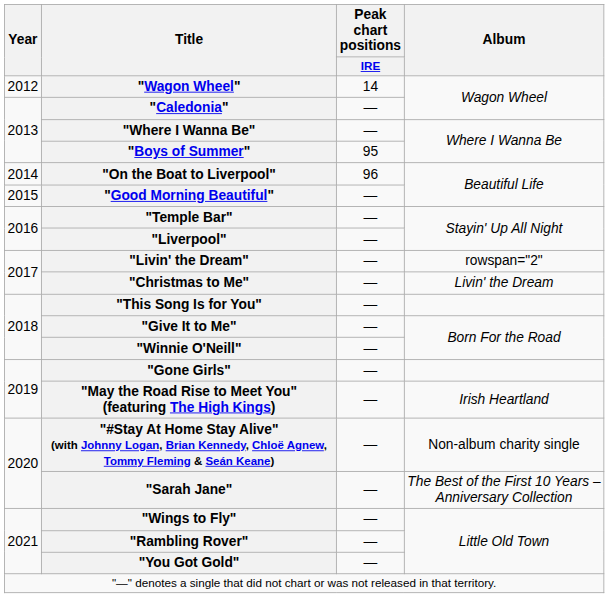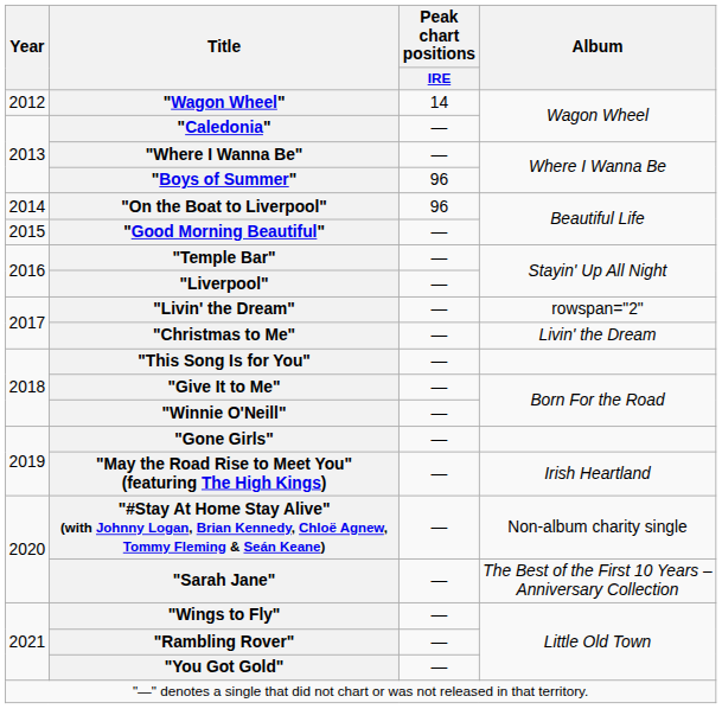 <table class="wikitable plainrowheaders" style="text-align:center;">
 <tr>
 <th scope="col" rowspan="2" style="width:1em;">Year</th>
 <th scope="col" rowspan="2" style="width:21em;">Title</th>
 <th scope="col" colspan="1">Peak chart positions</th>
 <th scope="col" rowspan="2">Album</th>
 </tr>
 <tr>
 <th scope="col" style="width:3em;font-size:85%;"><a href='#'>IRE</a><br></th>
 </tr>
 <tr>
 <td>2012</td>
 <th scope="row">"<a href='#'>Wagon Wheel</a>"</th>
 <td>14</td>
 <td rowspan="2"><em>Wagon Wheel</em></td>
 </tr>
 <tr>
 <td rowspan="3">2013</td>
 <th scope="row">"<a href='#'>Caledonia</a>"</th>
 <td>—</td>
 </tr>
 <tr>
 <th scope="row">"Where I Wanna Be"</th>
 <td>—</td>
 <td rowspan="2"><em>Where I Wanna Be</em></td>
 </tr>
 <tr>
 <th scope="row">"<a href='#'>Boys of Summer</a>"</th>
-<td>95</td>
+<td>96</td>
 </tr>
 <tr>
 <td>2014</td>
 <th scope="row">"On the Boat to Liverpool"</th>
 <td>96</td>
 <td rowspan="2"><em>Beautiful Life</em></td>
 </tr>
 <tr>
 <td>2015</td>
 <th scope="row">"<a href='#'>Good Morning Beautiful</a>"</th>
 <td>—</td>
 </tr>
 <tr>
 <td rowspan="2">2016</td>
 <th scope="row">"Temple Bar"</th>
 <td>—</td>
 <td rowspan="2"><em>Stayin' Up All Night</em></td>
 </tr>
 <tr>
 <th scope="row">"Liverpool"</th>
 <td>—</td>
 </tr>
 <tr>
 <td rowspan="2">2017</td>
 <th scope="row">"Livin' the Dream"</th>
 <td>—</td>
 <td>rowspan="2" </td>
 </tr>
 <tr>
 <th scope="row">"Christmas to Me"</th>
 <td>—</td>
 <td><em>Livin' the Dream</em></td>
 </tr>
 <tr>
 <td rowspan="3">2018</td>
 <th scope="row">"This Song Is for You"</th>
 <td>—</td>
 </tr>
 <tr>
 <th scope="row">"Give It to Me"</th>
 <td>—</td>
 <td rowspan="2"><em>Born For the Road</em></td>
 </tr>
 <tr>
 <th scope="row">"Winnie O'Neill"</th>
 <td>—</td>
 </tr>
 <tr>
 <td rowspan="2">2019</td>
 <th scope="row">"Gone Girls"</th>
 <td>—</td>
 <td></td>
 </tr>
 <tr>
 <th scope="row">"May the Road Rise to Meet You"<br><span>(featuring <a href='#'>The High Kings</a>)</span></th>
 <td>—</td>
 <td><em>Irish Heartland</em></td>
 </tr>
 <tr>
 <td rowspan="2">2020</td>
 <th scope="row">"#Stay At Home Stay Alive"<br><small>(with <a href='#'>Johnny Logan</a>, <a href='#'>Brian Kennedy</a>, <a href='#'>Chloë Agnew</a>, <a href='#'>Tommy Fleming</a> & <a href='#'>Seán Keane</a>)</small></th>
 <td>—</td>
 <td>Non-album charity single</td>
 </tr>
 <tr>
 <th scope="row">"Sarah Jane"</th>
 <td>—</td>
 <td><em>The Best of the First 10 Years –<br>Anniversary Collection</em></td>
 </tr>
 <tr>
 <td rowspan="3">2021</td>
 <th scope="row">"Wings to Fly"</th>
 <td>—</td>
 <td rowspan="3"><em>Little Old Town</em></td>
 </tr>
 <tr>
 <th scope="row">"Rambling Rover"</th>
 <td>—</td>
 </tr>
 <tr>
 <th scope="row">"You Got Gold"</th>
 <td>—</td>
 </tr>
 <tr>
 <td colspan="20" style="text-align:center; font-size:85%;">"—" denotes a single that did not chart or was not released in that territory.</td>
 </tr>
 </table>
